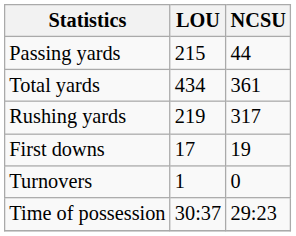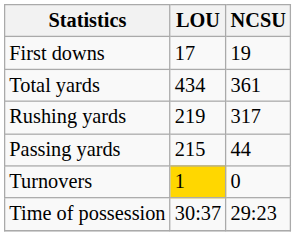 <table class="wikitable">
 <tr>
 <th>Statistics</th>
 <th>LOU</th>
 <th>NCSU</th>
 </tr>
 <tr>
-<td>Passing yards</td>
-<td>215</td>
-<td>44</td>
+<td>First downs</td>
+<td>17</td>
+<td>19</td>
 </tr>
 <tr>
 <td>Total yards</td>
 <td>434</td>
 <td>361</td>
 </tr>
 <tr>
 <td>Rushing yards</td>
 <td>219</td>
 <td>317</td>
 </tr>
 <tr>
-<td>First downs</td>
-<td>17</td>
-<td>19</td>
+<td>Passing yards</td>
+<td>215</td>
+<td>44</td>
 </tr>
 <tr>
 <td>Turnovers</td>
-<td>1</td>
+<td style="background: gold;">1</td>
 <td>0</td>
 </tr>
 <tr>
 <td>Time of possession</td>
 <td>30:37</td>
 <td>29:23</td>
 </tr>
 <tr>
 </tr>
 </table>
